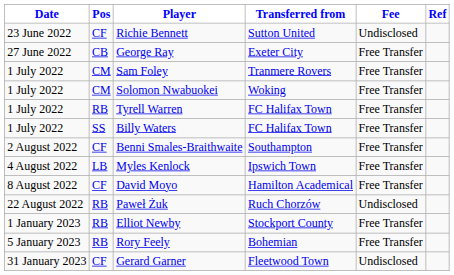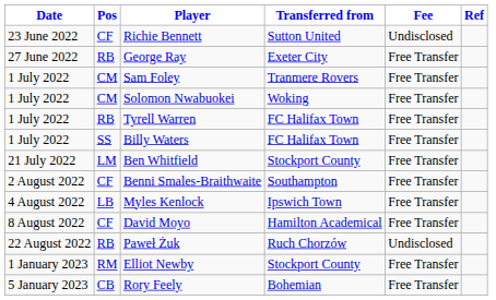 <table class="wikitable plainrowheaders sortable">
 <tr>
 <th style="background:#FFFFFF; color:#0000FF; ">Date</th>
 <th style="background:#FFFFFF; color:#0000ff; ">Pos</th>
 <th style="background:#FFFFFF; color:#0000ff; ">Player</th>
 <th style="background:#FFFFFF; color:#0000ff; ">Transferred from</th>
 <th style="background:#FFFFFF; color:#0000ff; ">Fee</th>
 <th style="background:#FFFFFF; color:#0000ff; ">Ref</th>
 </tr>
 <tr>
 <td>23 June 2022</td>
 <td><a href='#'>CF</a></td>
 <td> <a href='#'>Richie Bennett</a></td>
 <td> <a href='#'>Sutton United</a></td>
 <td>Undisclosed</td>
 <td></td>
 </tr>
 <tr>
 <td>27 June 2022</td>
-<td><a href='#'>CB</a></td>
+<td><a href='#'>RB</a></td>
 <td> <a href='#'>George Ray</a></td>
 <td> <a href='#'>Exeter City</a></td>
 <td>Free Transfer</td>
 <td></td>
 </tr>
 <tr>
 <td>1 July 2022</td>
 <td><a href='#'>CM</a></td>
 <td> <a href='#'>Sam Foley</a></td>
 <td> <a href='#'>Tranmere Rovers</a></td>
 <td>Free Transfer</td>
 <td></td>
 </tr>
 <tr>
 <td>1 July 2022</td>
 <td><a href='#'>CM</a></td>
 <td> <a href='#'>Solomon Nwabuokei</a></td>
 <td> <a href='#'>Woking</a></td>
 <td>Free Transfer</td>
 <td></td>
 </tr>
 <tr>
 <td>1 July 2022</td>
 <td><a href='#'>RB</a></td>
 <td> <a href='#'>Tyrell Warren</a></td>
 <td> <a href='#'>FC Halifax Town</a></td>
 <td>Free Transfer</td>
 <td></td>
 </tr>
 <tr>
 <td>1 July 2022</td>
 <td><a href='#'>SS</a></td>
 <td> <a href='#'>Billy Waters</a></td>
 <td> <a href='#'>FC Halifax Town</a></td>
 <td>Free Transfer</td>
 <td></td>
 </tr>
 <tr>
+<td>21 July 2022</td>
+<td><a href='#'>LM</a></td>
+<td> <a href='#'>Ben Whitfield</a></td>
+<td> <a href='#'>Stockport County</a></td>
+<td>Free Transfer</td>
+<td></td>
+</tr>
+<tr>
 <td>2 August 2022</td>
 <td><a href='#'>CF</a></td>
 <td> <a href='#'>Benni Smales-Braithwaite</a></td>
 <td> <a href='#'>Southampton</a></td>
 <td>Free Transfer</td>
 <td></td>
 </tr>
 <tr>
 <td>4 August 2022</td>
 <td><a href='#'>LB</a></td>
 <td> <a href='#'>Myles Kenlock</a></td>
 <td> <a href='#'>Ipswich Town</a></td>
 <td>Free Transfer</td>
 <td></td>
 </tr>
 <tr>
 <td>8 August 2022</td>
 <td><a href='#'>CF</a></td>
 <td> <a href='#'>David Moyo</a></td>
 <td> <a href='#'>Hamilton Academical</a></td>
 <td>Free Transfer</td>
 <td></td>
 </tr>
 <tr>
 <td>22 August 2022</td>
 <td><a href='#'>RB</a></td>
 <td> <a href='#'>Paweł Żuk</a></td>
 <td> <a href='#'>Ruch Chorzów</a></td>
 <td>Undisclosed</td>
 <td></td>
 </tr>
 <tr>
 <td>1 January 2023</td>
-<td><a href='#'>RB</a></td>
+<td><a href='#'>RM</a></td>
 <td> <a href='#'>Elliot Newby</a></td>
 <td> <a href='#'>Stockport County</a></td>
 <td>Free Transfer</td>
 <td></td>
 </tr>
 <tr>
 <td>5 January 2023</td>
-<td><a href='#'>RB</a></td>
+<td><a href='#'>CB</a></td>
 <td> <a href='#'>Rory Feely</a></td>
 <td> <a href='#'>Bohemian</a></td>
 <td>Free Transfer</td>
 <td></td>
 </tr>
-<tr>
-<td>31 January 2023</td>
-<td><a href='#'>CF</a></td>
-<td> <a href='#'>Gerard Garner</a></td>
-<td> <a href='#'>Fleetwood Town</a></td>
-<td>Undisclosed</td>
-<td></td>
-</tr>
 </table>
